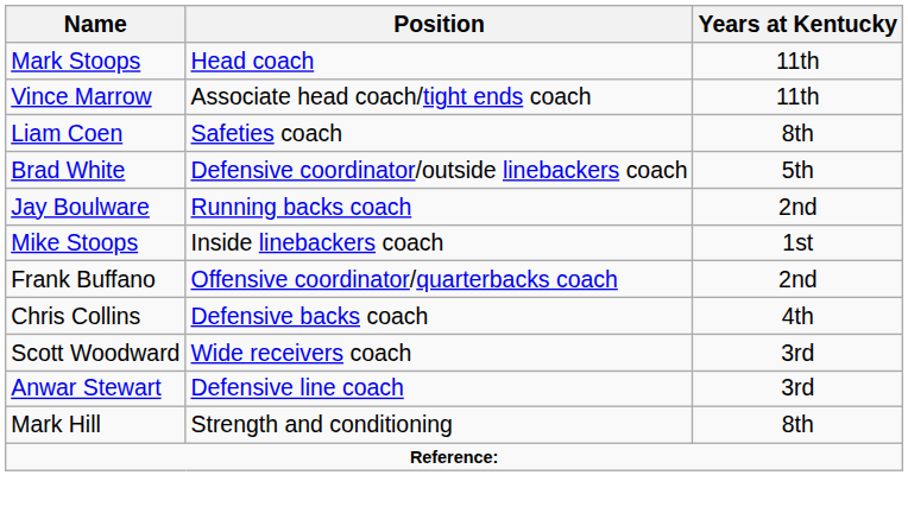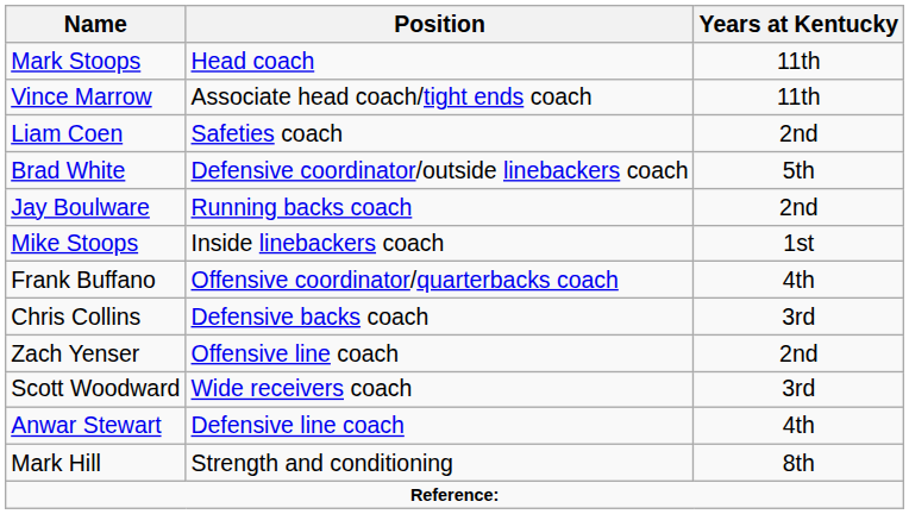 <table class="wikitable" style="font-size:90%;">
 <tr>
 <th><strong>Name</strong></th>
 <th><strong>Position</strong></th>
 <th><strong>Years at Kentucky</strong></th>
 </tr>
 <tr>
 <td><a href='#'>Mark Stoops</a></td>
 <td><a href='#'>Head coach</a></td>
 <td align=center>11th</td>
 </tr>
 <tr>
 <td><a href='#'>Vince Marrow</a></td>
 <td>Associate head coach/<a href='#'>tight ends</a> coach</td>
 <td align=center>11th</td>
 </tr>
 <tr>
 <td><a href='#'>Liam Coen</a></td>
 <td><a href='#'>Safeties</a> coach</td>
-<td align=center>8th</td>
+<td align="center">2nd</td>
 </tr>
 <tr>
 <td><a href='#'>Brad White</a></td>
 <td><a href='#'>Defensive coordinator</a>/outside <a href='#'>linebackers</a> coach</td>
 <td align=center>5th</td>
 </tr>
 <tr>
 <td><a href='#'>Jay Boulware</a></td>
 <td><a href='#'>Running backs coach</a></td>
 <td align=center>2nd</td>
 </tr>
 <tr>
 <td><a href='#'>Mike Stoops</a></td>
 <td>Inside <a href='#'>linebackers</a> coach</td>
 <td align=center>1st</td>
 </tr>
 <tr>
 <td>Frank Buffano</td>
 <td><a href='#'>Offensive coordinator</a>/<a href='#'>quarterbacks coach</a></td>
-<td align="center">2nd</td>
+<td align=center>4th</td>
 </tr>
 <tr>
 <td>Chris Collins</td>
 <td><a href='#'>Defensive backs</a> coach</td>
-<td align=center>4th</td>
+<td align=center>3rd</td>
+</tr>
+<tr>
+<td>Zach Yenser</td>
+<td><a href='#'>Offensive line</a> coach</td>
+<td align=center>2nd</td>
 </tr>
 <tr>
 <td>Scott Woodward</td>
 <td><a href='#'>Wide receivers</a> coach</td>
 <td align=center>3rd</td>
 </tr>
 <tr>
 <td><a href='#'>Anwar Stewart</a></td>
 <td><a href='#'>Defensive line coach</a></td>
-<td align=center>3rd</td>
+<td align=center>4th</td>
 </tr>
 <tr>
 <td>Mark Hill</td>
 <td>Strength and conditioning</td>
 <td align=center>8th</td>
 </tr>
 <tr>
 <td colspan="3" style="font-size:8pt; text-align:center;"><strong>Reference:</strong></td>
 </tr>
 </table>
